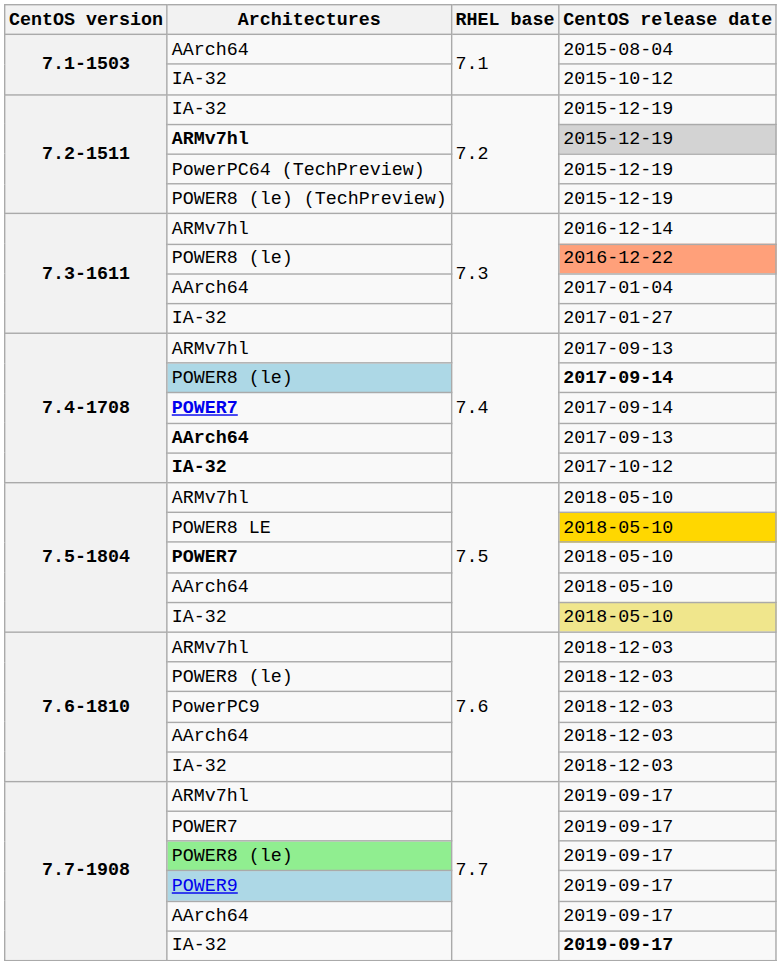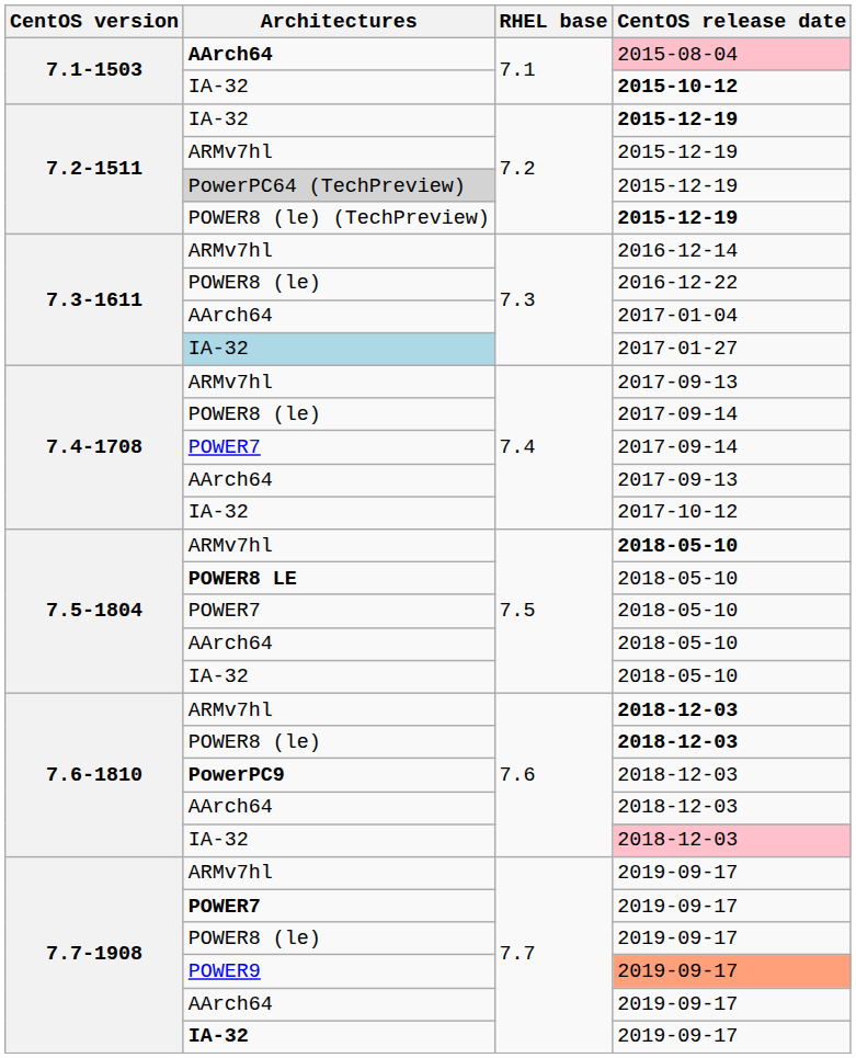 <table class="wikitable collapsible collapsed">
 <tr>
 <th scope="col">CentOS version</th>
 <th scope="col">Architectures</th>
 <th scope="col">RHEL base</th>
 <th scope="col">CentOS release date</th>
 </tr>
 <tr>
 <th scope="row" rowspan="2">7.1-1503</th>
-<td>AArch64</td>
+<td><strong>AArch64</strong></td>
 <td rowspan="2">7.1</td>
-<td>2015-08-04</td>
+<td style="background: pink;">2015-08-04</td>
 </tr>
 <tr>
 <td>IA-32</td>
-<td>2015-10-12</td>
+<td><strong>2015-10-12</strong></td>
 </tr>
 <tr>
 <th scope="row" rowspan="4">7.2-1511</th>
 <td>IA-32</td>
 <td rowspan="4">7.2</td>
+<td><strong>2015-12-19</strong></td>
+</tr>
+<tr>
+<td>ARMv7hl</td>
 <td>2015-12-19</td>
 </tr>
 <tr>
-<td><strong>ARMv7hl</strong></td>
-<td style="background: lightgrey;">2015-12-19</td>
-</tr>
-<tr>
-<td>PowerPC64 (TechPreview)</td>
+<td style="background: lightgrey;">PowerPC64 (TechPreview)</td>
 <td>2015-12-19</td>
 </tr>
 <tr>
 <td>POWER8 (le) (TechPreview)</td>
-<td>2015-12-19</td>
+<td><strong>2015-12-19</strong></td>
 </tr>
 <tr>
 <th scope="row" rowspan="4">7.3-1611</th>
 <td>ARMv7hl</td>
 <td rowspan="4">7.3</td>
 <td>2016-12-14</td>
 </tr>
 <tr>
 <td>POWER8 (le)</td>
-<td style="background: lightsalmon;">2016-12-22</td>
+<td>2016-12-22</td>
 </tr>
 <tr>
 <td>AArch64</td>
 <td>2017-01-04</td>
 </tr>
 <tr>
-<td>IA-32</td>
+<td style="background: lightblue;">IA-32</td>
 <td>2017-01-27</td>
 </tr>
 <tr>
 <th scope="row" rowspan="5">7.4-1708</th>
 <td>ARMv7hl</td>
 <td rowspan="5">7.4</td>
 <td>2017-09-13</td>
 </tr>
 <tr>
-<td style="background: lightblue;">POWER8 (le)</td>
-<td><strong>2017-09-14</strong></td>
-</tr>
-<tr>
-<td><strong><a href='#'>POWER7</a></strong></td>
+<td>POWER8 (le)</td>
 <td>2017-09-14</td>
 </tr>
 <tr>
-<td><strong>AArch64</strong></td>
+<td><a href='#'>POWER7</a></td>
+<td>2017-09-14</td>
+</tr>
+<tr>
+<td>AArch64</td>
 <td>2017-09-13</td>
 </tr>
 <tr>
-<td><strong>IA-32</strong></td>
+<td>IA-32</td>
 <td>2017-10-12</td>
 </tr>
 <tr>
 <th scope="row" rowspan="5">7.5-1804</th>
 <td>ARMv7hl</td>
 <td rowspan="5">7.5</td>
+<td><strong>2018-05-10</strong></td>
+</tr>
+<tr>
+<td><strong>POWER8 LE</strong></td>
 <td>2018-05-10</td>
 </tr>
 <tr>
-<td>POWER8 LE</td>
-<td style="background: gold;">2018-05-10</td>
-</tr>
-<tr>
-<td><strong>POWER7</strong></td>
+<td>POWER7</td>
 <td>2018-05-10</td>
 </tr>
 <tr>
 <td>AArch64</td>
 <td>2018-05-10</td>
 </tr>
 <tr>
 <td>IA-32</td>
-<td style="background: khaki;">2018-05-10</td>
+<td>2018-05-10</td>
 </tr>
 <tr>
 <th scope="row" rowspan="5">7.6-1810</th>
 <td>ARMv7hl</td>
 <td rowspan="5">7.6</td>
-<td>2018-12-03</td>
+<td><strong>2018-12-03</strong></td>
 </tr>
 <tr>
 <td>POWER8 (le)</td>
-<td>2018-12-03</td>
+<td><strong>2018-12-03</strong></td>
 </tr>
 <tr>
-<td>PowerPC9</td>
+<td><strong>PowerPC9</strong></td>
 <td>2018-12-03</td>
 </tr>
 <tr>
 <td>AArch64</td>
 <td>2018-12-03</td>
 </tr>
 <tr>
 <td>IA-32</td>
-<td>2018-12-03</td>
+<td style="background: pink;">2018-12-03</td>
 </tr>
 <tr>
 <th scope="row" rowspan="6">7.7-1908</th>
 <td>ARMv7hl</td>
 <td rowspan="6">7.7</td>
 <td>2019-09-17</td>
 </tr>
 <tr>
-<td>POWER7</td>
+<td><strong>POWER7</strong></td>
 <td>2019-09-17</td>
 </tr>
 <tr>
-<td style="background: lightgreen;">POWER8 (le)</td>
+<td>POWER8 (le)</td>
 <td>2019-09-17</td>
 </tr>
 <tr>
-<td style="background: lightblue;"><a href='#'>POWER9</a></td>
-<td>2019-09-17</td>
+<td><a href='#'>POWER9</a></td>
+<td style="background: lightsalmon;">2019-09-17</td>
 </tr>
 <tr>
 <td>AArch64</td>
 <td>2019-09-17</td>
 </tr>
 <tr>
-<td>IA-32</td>
-<td><strong>2019-09-17</strong></td>
+<td><strong>IA-32</strong></td>
+<td>2019-09-17</td>
 </tr>
 <tr>
 </tr>
 </table>
